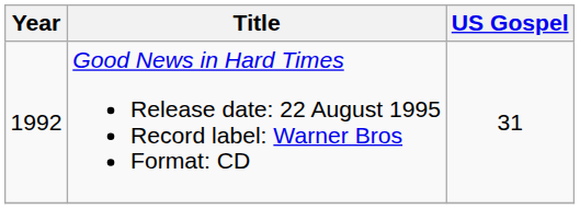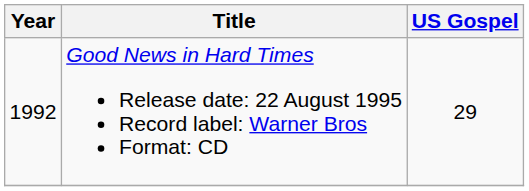 <table class="wikitable" style="text-align:center;">
 <tr>
 <th>Year</th>
 <th>Title</th>
 <th><a href='#'>US Gospel</a></th>
 </tr>
 <tr>
 <td style="text-align:center;" rowspan="1">1992</td>
 <td align="left"><em><a href='#'>Good News in Hard Times</a></em><br><ul><li>Release date: 22 August 1995</li><li>Record label: <a href='#'>Warner Bros</a></li><li>Format: CD</li></ul></td>
-<td>31</td>
+<td>29</td>
 </tr>
 <tr>
 </tr>
 </table>
